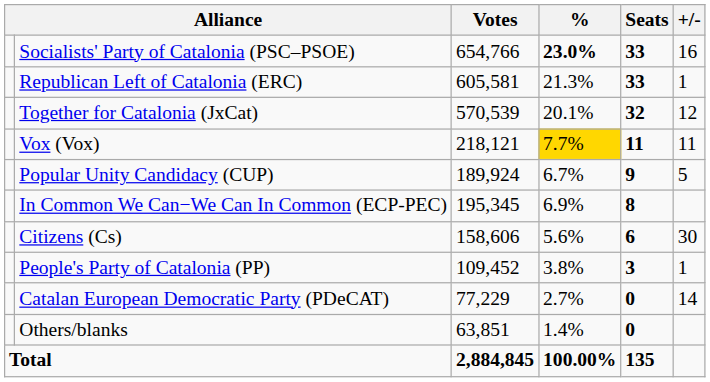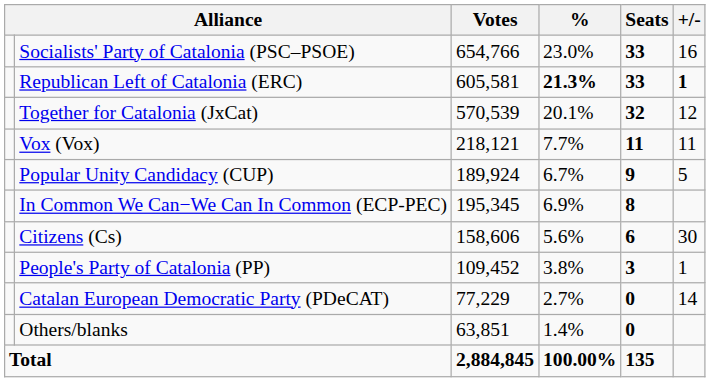 <table class="wikitable">
 <tr>
 <th colspan="2">Alliance</th>
 <th>Votes</th>
 <th>%</th>
 <th>Seats</th>
 <th>+/-</th>
 </tr>
 <tr>
 <td width="1"></td>
 <td><a href='#'>Socialists' Party of Catalonia</a> (PSC–PSOE)</td>
 <td>654,766</td>
-<td><strong>23.0%</strong></td>
+<td>23.0%</td>
 <td><strong>33</strong></td>
 <td>16</td>
 </tr>
 <tr>
 <td></td>
 <td><a href='#'>Republican Left of Catalonia</a> (ERC)</td>
 <td>605,581</td>
-<td>21.3%</td>
+<td><strong>21.3%</strong></td>
 <td><strong>33</strong></td>
-<td>1</td>
+<td><strong>1</strong></td>
 </tr>
 <tr>
 <td></td>
 <td><a href='#'>Together for Catalonia</a> (JxCat)</td>
 <td>570,539</td>
 <td>20.1%</td>
 <td><strong>32</strong></td>
 <td>12</td>
 </tr>
 <tr>
 <td></td>
 <td><a href='#'>Vox</a> (Vox)</td>
 <td>218,121</td>
-<td style="background: gold;">7.7%</td>
+<td>7.7%</td>
 <td><strong>11</strong></td>
 <td>11</td>
 </tr>
 <tr>
 <td></td>
 <td><a href='#'>Popular Unity Candidacy</a> (CUP)</td>
 <td>189,924</td>
 <td>6.7%</td>
 <td><strong>9</strong></td>
 <td>5</td>
 </tr>
 <tr>
 <td></td>
 <td><a href='#'>In Common We Can−We Can In Common</a> (ECP-PEC)</td>
 <td>195,345</td>
 <td>6.9%</td>
 <td><strong>8</strong></td>
 <td></td>
 </tr>
 <tr>
 <td></td>
 <td><a href='#'>Citizens</a> (Cs)</td>
 <td>158,606</td>
 <td>5.6%</td>
 <td><strong>6</strong></td>
 <td>30</td>
 </tr>
 <tr>
 <td></td>
 <td><a href='#'>People's Party of Catalonia</a> (PP)</td>
 <td>109,452</td>
 <td>3.8%</td>
 <td><strong>3</strong></td>
 <td>1</td>
 </tr>
 <tr>
 <td></td>
 <td><a href='#'>Catalan European Democratic Party</a> (PDeCAT)</td>
 <td>77,229</td>
 <td>2.7%</td>
 <td><strong>0</strong></td>
 <td>14</td>
 </tr>
 <tr>
 <td></td>
 <td>Others/blanks</td>
 <td>63,851</td>
 <td>1.4%</td>
 <td><strong>0</strong></td>
 <td></td>
 </tr>
 <tr>
 <td colspan="2"><strong>Total</strong></td>
 <td><strong>2,884,845</strong></td>
 <td><strong>100.00%</strong></td>
 <td><strong>135</strong></td>
 <td></td>
 </tr>
 </table>
